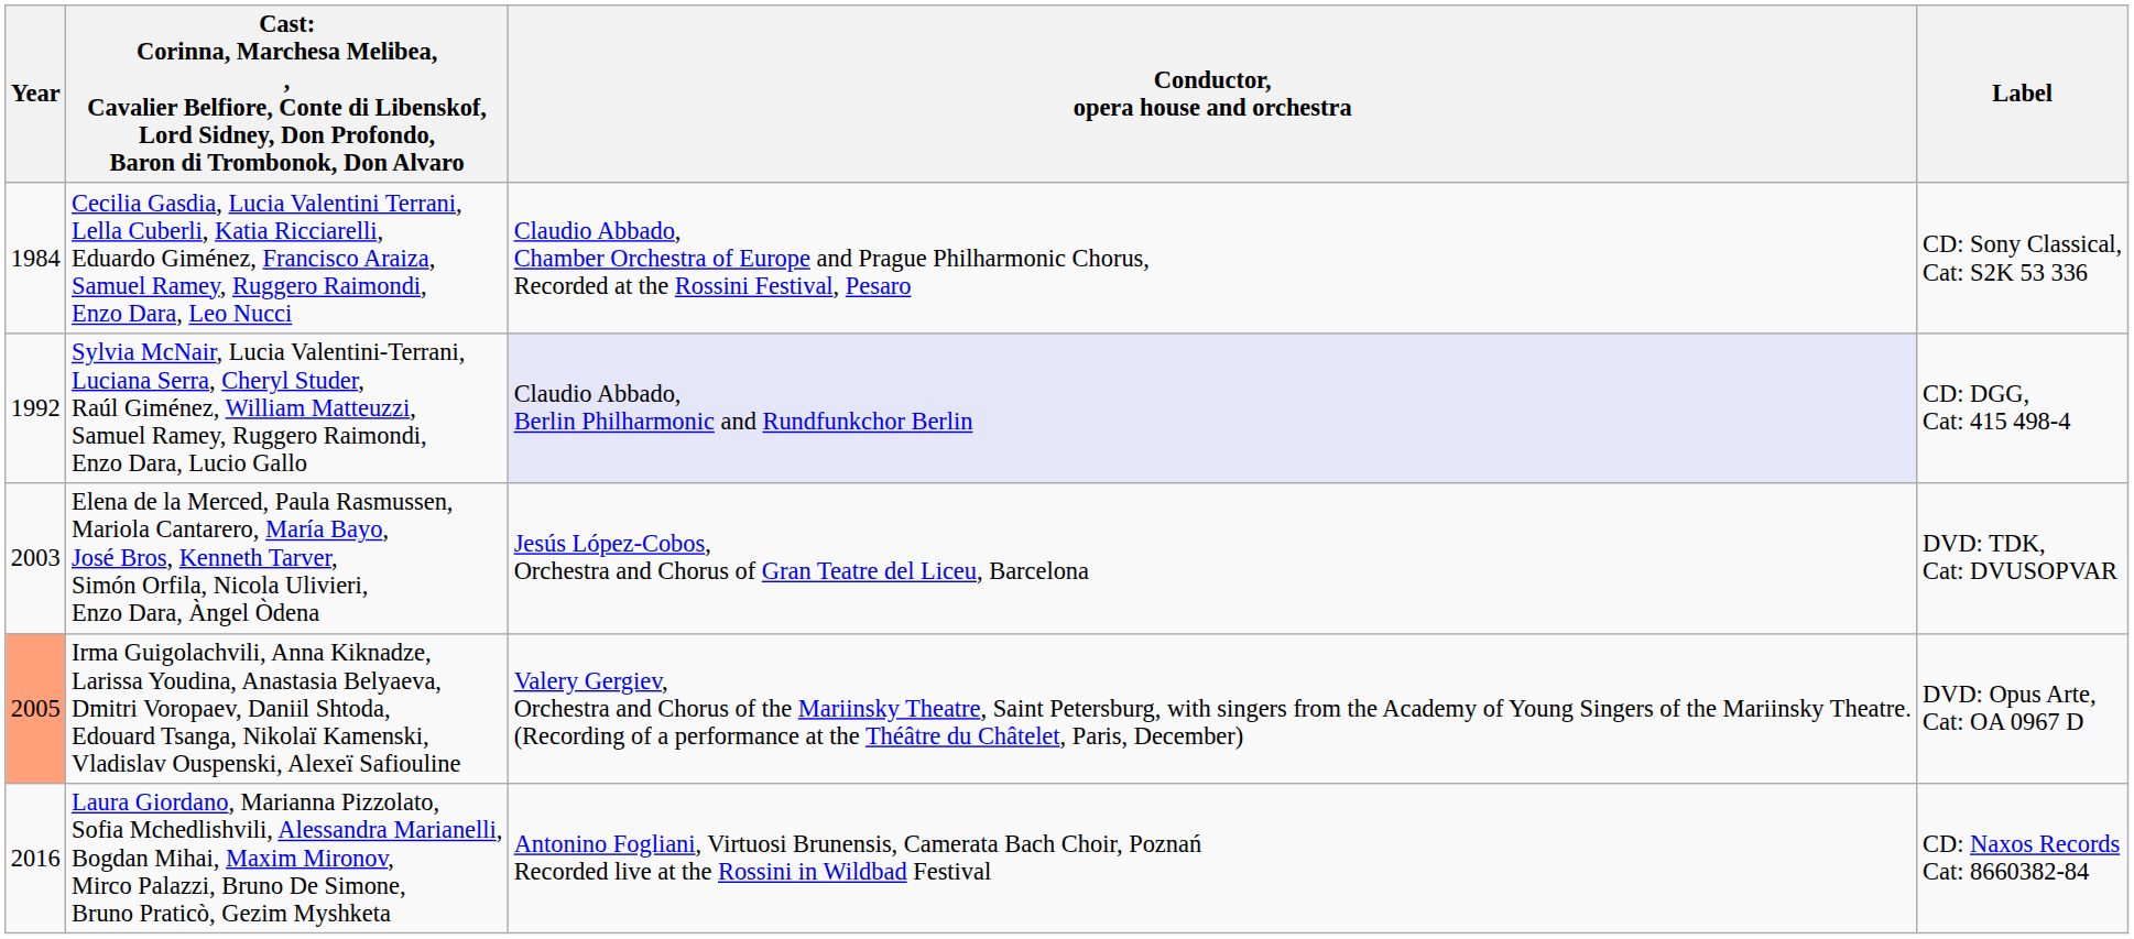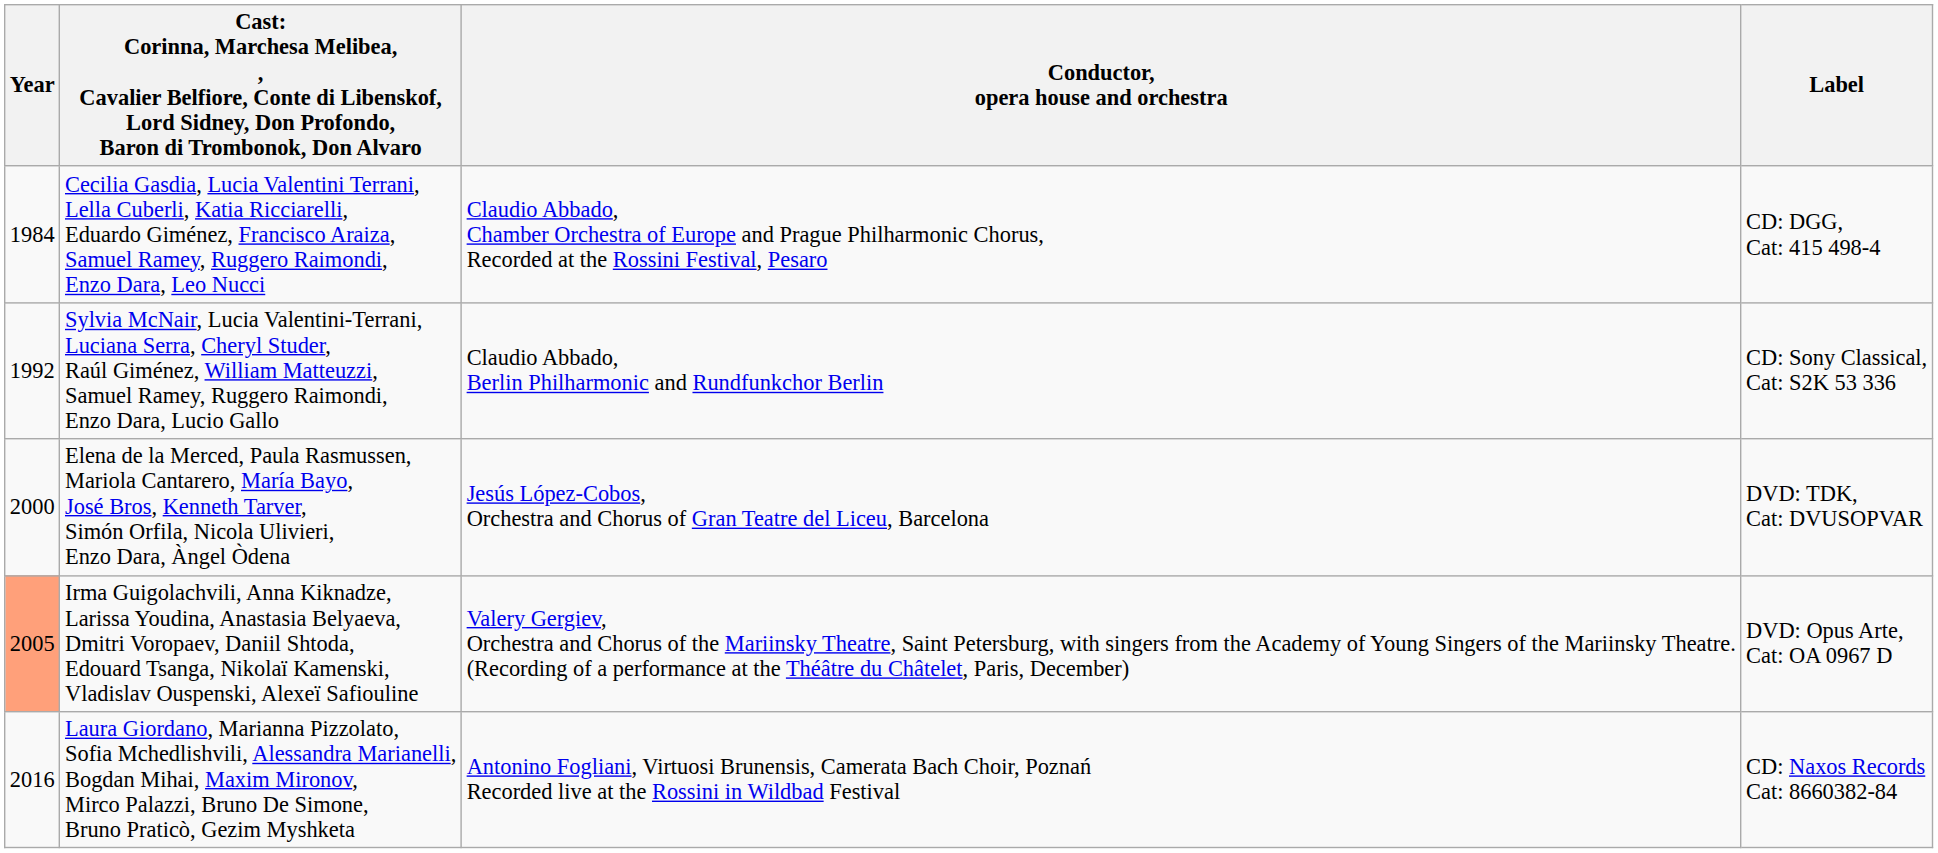 <table class="wikitable">
 <tr>
 <th>Year</th>
 <th>Cast:<br>Corinna, Marchesa Melibea,<br>,<br>Cavalier Belfiore, Conte di Libenskof,<br>Lord Sidney, Don Profondo,<br>Baron di Trombonok, Don Alvaro</th>
 <th>Conductor,<br>opera house and orchestra</th>
 <th>Label</th>
 </tr>
 <tr>
 <td>1984</td>
 <td><a href='#'>Cecilia Gasdia</a>, <a href='#'>Lucia Valentini Terrani</a>,<br> <a href='#'>Lella Cuberli</a>, <a href='#'>Katia Ricciarelli</a>,<br> Eduardo Giménez, <a href='#'>Francisco Araiza</a>,<br><a href='#'>Samuel Ramey</a>, <a href='#'>Ruggero Raimondi</a>,<br><a href='#'>Enzo Dara</a>, <a href='#'>Leo Nucci</a></td>
 <td><a href='#'>Claudio Abbado</a>,<br><a href='#'>Chamber Orchestra of Europe</a> and Prague Philharmonic Chorus,<br>Recorded at the <a href='#'>Rossini Festival</a>, <a href='#'>Pesaro</a></td>
-<td>CD: Sony Classical,<br>Cat: S2K 53 336</td>
+<td>CD: DGG,<br>Cat: 415 498-4</td>
 </tr>
 <tr>
 <td>1992</td>
 <td><a href='#'>Sylvia McNair</a>, Lucia Valentini-Terrani,<br><a href='#'>Luciana Serra</a>, <a href='#'>Cheryl Studer</a>,<br>Raúl Giménez, <a href='#'>William Matteuzzi</a>,<br>Samuel Ramey, Ruggero Raimondi,<br> Enzo Dara, Lucio Gallo</td>
-<td style="background: lavender;">Claudio Abbado,<br><a href='#'>Berlin Philharmonic</a> and <a href='#'>Rundfunkchor Berlin</a></td>
-<td>CD: DGG,<br>Cat: 415 498-4</td>
+<td>Claudio Abbado,<br><a href='#'>Berlin Philharmonic</a> and <a href='#'>Rundfunkchor Berlin</a></td>
+<td>CD: Sony Classical,<br>Cat: S2K 53 336</td>
 </tr>
 <tr>
-<td>2003</td>
+<td>2000</td>
 <td>Elena de la Merced, Paula Rasmussen,<br>Mariola Cantarero, <a href='#'>María Bayo</a>,<br><a href='#'>José Bros</a>, <a href='#'>Kenneth Tarver</a>,<br>Simón Orfila, Nicola Ulivieri,<br>Enzo Dara, Àngel Òdena</td>
 <td><a href='#'>Jesús López-Cobos</a>,<br>Orchestra and Chorus of <a href='#'>Gran Teatre del Liceu</a>, Barcelona</td>
 <td>DVD: TDK,<br>Cat: DVUSOPVAR</td>
 </tr>
 <tr>
 <td style="background: lightsalmon;">2005</td>
 <td>Irma Guigolachvili, Anna Kiknadze,<br>Larissa Youdina, Anastasia Belyaeva,<br>Dmitri Voropaev, Daniil Shtoda,<br>Edouard Tsanga, Nikolaï Kamenski,<br>Vladislav Ouspenski, Alexeï Safiouline</td>
 <td><a href='#'>Valery Gergiev</a>,<br>Orchestra and Chorus of the <a href='#'>Mariinsky Theatre</a>, Saint Petersburg, with singers from the Academy of Young Singers of the Mariinsky Theatre.<br>(Recording of a performance at the <a href='#'>Théâtre du Châtelet</a>, Paris, December)</td>
 <td>DVD: Opus Arte,<br>Cat: OA 0967 D</td>
 </tr>
 <tr>
 <td>2016</td>
 <td><a href='#'>Laura Giordano</a>, Marianna Pizzolato,<br>Sofia Mchedlishvili, <a href='#'>Alessandra Marianelli</a>,<br>Bogdan Mihai, <a href='#'>Maxim Mironov</a>,<br>Mirco Palazzi, Bruno De Simone,<br>Bruno Praticò, Gezim Myshketa</td>
 <td><a href='#'>Antonino Fogliani</a>, Virtuosi Brunensis, Camerata Bach Choir, Poznań<br>Recorded live at the <a href='#'>Rossini in Wildbad</a> Festival</td>
 <td>CD: <a href='#'>Naxos Records</a><br>Cat: 8660382-84</td>
 </tr>
 </table>
